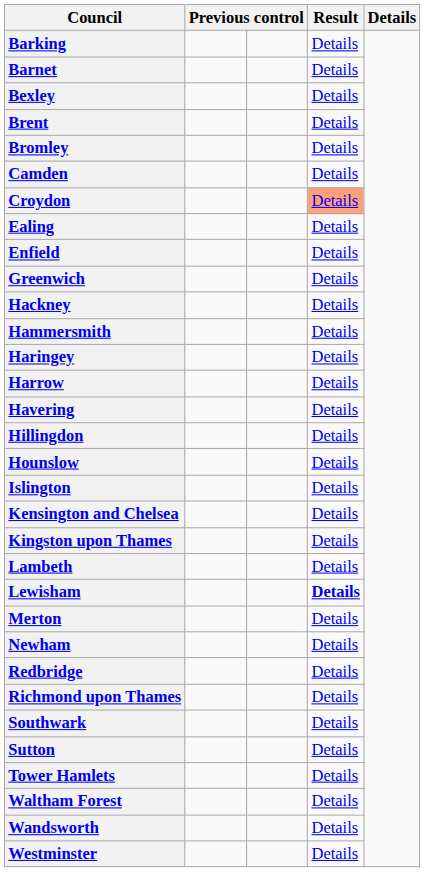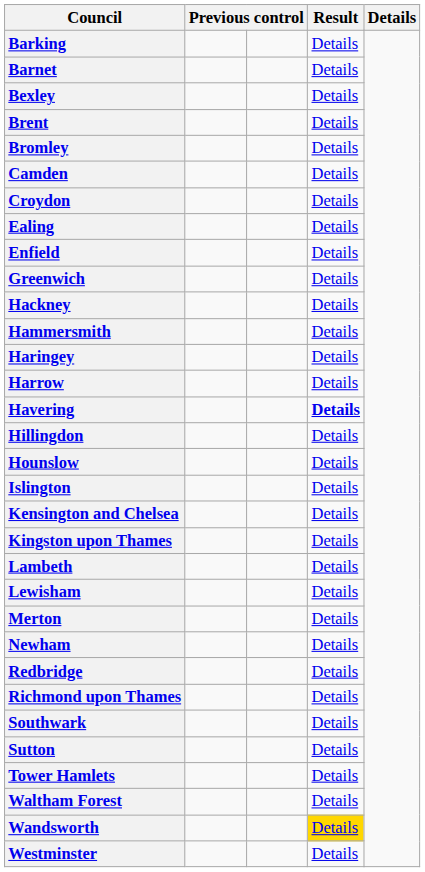 <table class="wikitable">
 <tr>
 <th scope="col">Council</th>
 <th colspan=2>Previous control</th>
 <th colspan=2>Result</th>
 <th scope="col" class="unsortable">Details</th>
 </tr>
 <tr>
 <th scope="row" style="text-align: left;"><a href='#'>Barking</a></th>
 <td></td>
 <td></td>
 <td><a href='#'>Details</a></td>
 </tr>
 <tr>
 <th scope="row" style="text-align: left;"><a href='#'>Barnet</a></th>
 <td></td>
 <td></td>
 <td><a href='#'>Details</a></td>
 </tr>
 <tr>
 <th scope="row" style="text-align: left;"><a href='#'>Bexley</a></th>
 <td></td>
 <td></td>
 <td><a href='#'>Details</a></td>
 </tr>
 <tr>
 <th scope="row" style="text-align: left;"><a href='#'>Brent</a></th>
 <td></td>
 <td></td>
 <td><a href='#'>Details</a></td>
 </tr>
 <tr>
 <th scope="row" style="text-align: left;"><a href='#'>Bromley</a></th>
 <td></td>
 <td></td>
 <td><a href='#'>Details</a></td>
 </tr>
 <tr>
 <th scope="row" style="text-align: left;"><a href='#'>Camden</a></th>
 <td></td>
 <td></td>
 <td><a href='#'>Details</a></td>
 </tr>
 <tr>
 <th scope="row" style="text-align: left;"><a href='#'>Croydon</a></th>
 <td></td>
 <td></td>
-<td style="background: lightsalmon;"><a href='#'>Details</a></td>
+<td><a href='#'>Details</a></td>
 </tr>
 <tr>
 <th scope="row" style="text-align: left;"><a href='#'>Ealing</a></th>
 <td></td>
 <td></td>
 <td><a href='#'>Details</a></td>
 </tr>
 <tr>
 <th scope="row" style="text-align: left;"><a href='#'>Enfield</a></th>
 <td></td>
 <td></td>
 <td><a href='#'>Details</a></td>
 </tr>
 <tr>
 <th scope="row" style="text-align: left;"><a href='#'>Greenwich</a></th>
 <td></td>
 <td></td>
 <td><a href='#'>Details</a></td>
 </tr>
 <tr>
 <th scope="row" style="text-align: left;"><a href='#'>Hackney</a></th>
 <td></td>
 <td></td>
 <td><a href='#'>Details</a></td>
 </tr>
 <tr>
 <th scope="row" style="text-align: left;"><a href='#'>Hammersmith</a></th>
 <td></td>
 <td></td>
 <td><a href='#'>Details</a></td>
 </tr>
 <tr>
 <th scope="row" style="text-align: left;"><a href='#'>Haringey</a></th>
 <td></td>
 <td></td>
 <td><a href='#'>Details</a></td>
 </tr>
 <tr>
 <th scope="row" style="text-align: left;"><a href='#'>Harrow</a></th>
 <td></td>
 <td></td>
 <td><a href='#'>Details</a></td>
 </tr>
 <tr>
 <th scope="row" style="text-align: left;"><a href='#'>Havering</a></th>
 <td></td>
 <td></td>
-<td><a href='#'>Details</a></td>
+<td><strong><a href='#'>Details</a></strong></td>
 </tr>
 <tr>
 <th scope="row" style="text-align: left;"><a href='#'>Hillingdon</a></th>
 <td></td>
 <td></td>
 <td><a href='#'>Details</a></td>
 </tr>
 <tr>
 <th scope="row" style="text-align: left;"><a href='#'>Hounslow</a></th>
 <td></td>
 <td></td>
 <td><a href='#'>Details</a></td>
 </tr>
 <tr>
 <th scope="row" style="text-align: left;"><a href='#'>Islington</a></th>
 <td></td>
 <td></td>
 <td><a href='#'>Details</a></td>
 </tr>
 <tr>
 <th scope="row" style="text-align: left;"><a href='#'>Kensington and Chelsea</a></th>
 <td></td>
 <td></td>
 <td><a href='#'>Details</a></td>
 </tr>
 <tr>
 <th scope="row" style="text-align: left;"><a href='#'>Kingston upon Thames</a></th>
 <td></td>
 <td></td>
 <td><a href='#'>Details</a></td>
 </tr>
 <tr>
 <th scope="row" style="text-align: left;"><a href='#'>Lambeth</a></th>
 <td></td>
 <td></td>
 <td><a href='#'>Details</a></td>
 </tr>
 <tr>
 <th scope="row" style="text-align: left;"><a href='#'>Lewisham</a></th>
 <td></td>
 <td></td>
-<td><strong><a href='#'>Details</a></strong></td>
+<td><a href='#'>Details</a></td>
 </tr>
 <tr>
 <th scope="row" style="text-align: left;"><a href='#'>Merton</a></th>
 <td></td>
 <td></td>
 <td><a href='#'>Details</a></td>
 </tr>
 <tr>
 <th scope="row" style="text-align: left;"><a href='#'>Newham</a></th>
 <td></td>
 <td></td>
 <td><a href='#'>Details</a></td>
 </tr>
 <tr>
 <th scope="row" style="text-align: left;"><a href='#'>Redbridge</a></th>
 <td></td>
 <td></td>
 <td><a href='#'>Details</a></td>
 </tr>
 <tr>
 <th scope="row" style="text-align: left;"><a href='#'>Richmond upon Thames</a></th>
 <td></td>
 <td></td>
 <td><a href='#'>Details</a></td>
 </tr>
 <tr>
 <th scope="row" style="text-align: left;"><a href='#'>Southwark</a></th>
 <td></td>
 <td></td>
 <td><a href='#'>Details</a></td>
 </tr>
 <tr>
 <th scope="row" style="text-align: left;"><a href='#'>Sutton</a></th>
 <td></td>
 <td></td>
 <td><a href='#'>Details</a></td>
 </tr>
 <tr>
 <th scope="row" style="text-align: left;"><a href='#'>Tower Hamlets</a></th>
 <td></td>
 <td></td>
 <td><a href='#'>Details</a></td>
 </tr>
 <tr>
 <th scope="row" style="text-align: left;"><a href='#'>Waltham Forest</a></th>
 <td></td>
 <td></td>
 <td><a href='#'>Details</a></td>
 </tr>
 <tr>
 <th scope="row" style="text-align: left;"><a href='#'>Wandsworth</a></th>
 <td></td>
 <td></td>
-<td><a href='#'>Details</a></td>
+<td style="background: gold;"><a href='#'>Details</a></td>
 </tr>
 <tr>
 <th scope="row" style="text-align: left;"><a href='#'>Westminster</a></th>
 <td></td>
 <td></td>
 <td><a href='#'>Details</a></td>
 </tr>
 </table>
